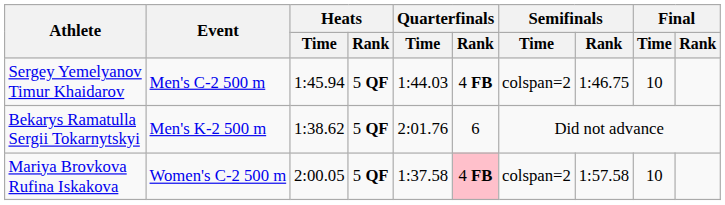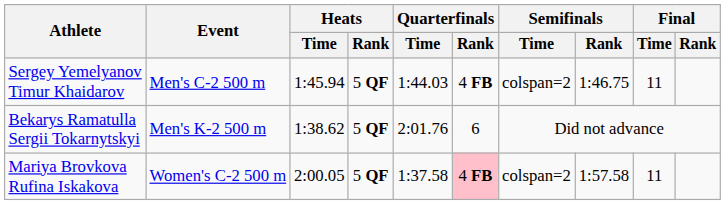 <table class=wikitable style="font-size:90%">
 <tr>
 <th rowspan="2">Athlete</th>
 <th rowspan="2">Event</th>
 <th colspan=2>Heats</th>
 <th colspan=2>Quarterfinals</th>
 <th colspan=2>Semifinals</th>
 <th colspan=2>Final</th>
 </tr>
 <tr style="font-size:95%">
 <th>Time</th>
 <th>Rank</th>
 <th>Time</th>
 <th>Rank</th>
 <th>Time</th>
 <th>Rank</th>
 <th>Time</th>
 <th>Rank</th>
 </tr>
 <tr align=center>
 <td align=left><a href='#'>Sergey Yemelyanov</a><br><a href='#'>Timur Khaidarov</a></td>
 <td align=left><a href='#'>Men's C-2 500 m</a></td>
 <td>1:45.94</td>
 <td>5 <strong>QF</strong></td>
 <td>1:44.03</td>
 <td>4 <strong>FB</strong></td>
 <td>colspan=2 </td>
 <td>1:46.75</td>
-<td>10</td>
+<td>11</td>
 </tr>
 <tr align=center>
 <td align=left><a href='#'>Bekarys Ramatulla</a><br><a href='#'>Sergii Tokarnytskyi</a></td>
 <td align=left><a href='#'>Men's K-2 500 m</a></td>
 <td>1:38.62</td>
 <td>5 <strong>QF</strong></td>
 <td>2:01.76</td>
 <td>6</td>
 <td colspan="4" align="center">Did not advance</td>
 </tr>
 <tr align=center>
 <td align=left><a href='#'>Mariya Brovkova</a><br><a href='#'>Rufina Iskakova</a></td>
 <td align=left><a href='#'>Women's C-2 500 m</a></td>
 <td>2:00.05</td>
 <td>5 <strong>QF</strong></td>
 <td>1:37.58</td>
 <td style="background: pink;">4 <strong>FB</strong></td>
 <td>colspan=2 </td>
 <td>1:57.58</td>
-<td>10</td>
+<td>11</td>
 </tr>
 </table>
